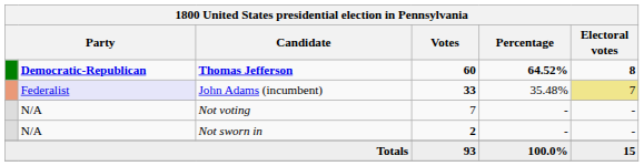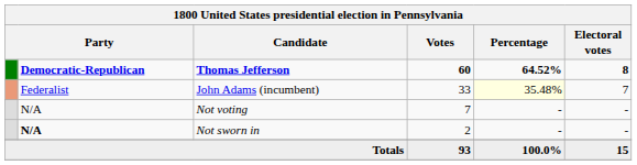 <table class="wikitable" style="font-size: 95%;">
 <tr>
 <th colspan="6">1800 United States presidential election in Pennsylvania</th>
 </tr>
 <tr>
 <th colspan="2" style="width: 15em">Party</th>
 <th style="width: 17em">Candidate</th>
 <th style="width: 5em">Votes</th>
 <th style="width: 7em">Percentage</th>
 <th style="width: 5em">Electoral votes</th>
 </tr>
 <tr>
 <th style="background-color:#008000; width: 3px"></th>
 <td style="width: 130px"><strong><a href='#'>Democratic-Republican</a></strong></td>
 <td><strong><a href='#'>Thomas Jefferson</a></strong></td>
 <td align="right"><strong>60</strong></td>
 <td align="right"><strong>64.52%</strong></td>
 <td align="right"><strong>8</strong></td>
 </tr>
 <tr>
 <th style="background-color:#EA9978; width: 3px"></th>
-<td style="background: lavender; width: 130px"><a href='#'>Federalist</a></td>
+<td style="width: 130px"><a href='#'>Federalist</a></td>
 <td><a href='#'>John Adams</a> (incumbent)</td>
-<td align="right"><strong>33</strong></td>
-<td align="right">35.48%</td>
-<td align="right" style="background: khaki;">7</td>
+<td align="right">33</td>
+<td align="right" style="background: lightyellow;">35.48%</td>
+<td align="right">7</td>
 </tr>
 <tr>
 <th style="background-color:#DDDDDD; width: 3px"></th>
 <td style="width: 130px">N/A</td>
 <td><em>Not voting</em></td>
 <td align="right">7</td>
 <td align="right">-</td>
 <td align="right">-</td>
 </tr>
 <tr>
 <th style="background-color:#DDDDDD; width: 3px"></th>
-<td style="width: 130px">N/A</td>
+<td style="width: 130px"><strong>N/A</strong></td>
 <td><em>Not sworn in</em></td>
-<td align="right"><strong>2</strong></td>
+<td align="right">2</td>
 <td align="right">-</td>
 <td align="right">-</td>
 </tr>
 <tr>
 </tr>
 <tr bgcolor="#EEEEEE">
 <td colspan="3" align="right"><strong>Totals</strong></td>
 <td align="right"><strong>93</strong></td>
 <td align="right"><strong>100.0%</strong></td>
 <td align="right"><strong>15</strong></td>
 </tr>
 <tr>
 </tr>
 </table>
